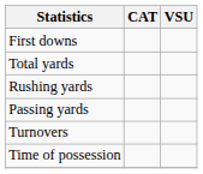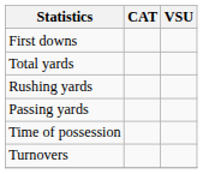 <table class="wikitable" style="float: left;">
 <tr>
 <th>Statistics</th>
 <th>CAT</th>
 <th>VSU</th>
 </tr>
 <tr>
 <td>First downs</td>
 <td></td>
 <td></td>
 </tr>
 <tr>
 <td>Total yards</td>
 <td></td>
 <td></td>
 </tr>
 <tr>
 <td>Rushing yards</td>
 <td></td>
 <td></td>
 </tr>
 <tr>
 <td>Passing yards</td>
 <td></td>
 <td></td>
 </tr>
 <tr>
-<td>Turnovers</td>
+<td>Time of possession</td>
 <td></td>
 <td></td>
 </tr>
 <tr>
-<td>Time of possession</td>
+<td>Turnovers</td>
 <td></td>
 <td></td>
 </tr>
 <tr>
 </tr>
 </table>
